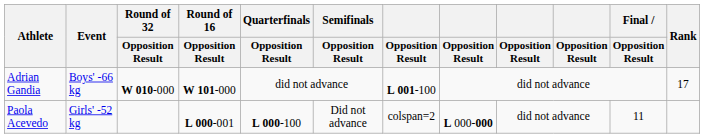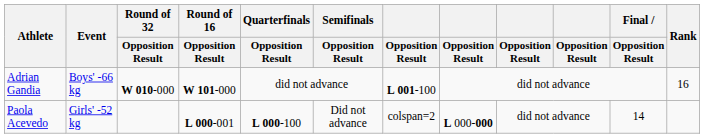 <table class="wikitable" style="font-size:90%">
 <tr>
 <th rowspan="2">Athlete</th>
 <th rowspan="2">Event</th>
 <th>Round of 32</th>
 <th>Round of 16</th>
 <th>Quarterfinals</th>
 <th>Semifinals</th>
 <th></th>
 <th></th>
 <th></th>
 <th></th>
 <th>Final / </th>
 <th rowspan=2>Rank</th>
 </tr>
 <tr style="font-size:95%">
 <th>Opposition<br>Result</th>
 <th>Opposition<br>Result</th>
 <th>Opposition<br>Result</th>
 <th>Opposition<br>Result</th>
 <th>Opposition<br>Result</th>
 <th>Opposition<br>Result</th>
 <th>Opposition<br>Result</th>
 <th>Opposition<br>Result</th>
 <th>Opposition<br>Result</th>
 </tr>
 <tr align=center>
 <td align=left><a href='#'>Adrian Gandia</a></td>
 <td align=left><a href='#'>Boys' -66 kg</a></td>
 <td><br><strong>W</strong> <strong>010</strong>-000</td>
 <td><br><strong>W</strong> <strong>101</strong>-000</td>
 <td colspan=2>did not advance</td>
 <td><br><strong>L</strong> <strong>001</strong>-100</td>
 <td colspan=4>did not advance</td>
-<td>17</td>
+<td>16</td>
 </tr>
 <tr align=center>
 <td align=left><a href='#'>Paola Acevedo</a></td>
 <td align=left><a href='#'>Girls' -52 kg</a></td>
 <td></td>
 <td><br><strong>L</strong> <strong>000</strong>-001</td>
 <td><br><strong>L</strong> <strong>000</strong>-100</td>
 <td>Did not advance</td>
 <td>colspan=2 </td>
 <td><br><strong>L</strong> 000-<strong>000</strong></td>
 <td colspan=2>did not advance</td>
-<td>11</td>
+<td>14</td>
 </tr>
 </table>
